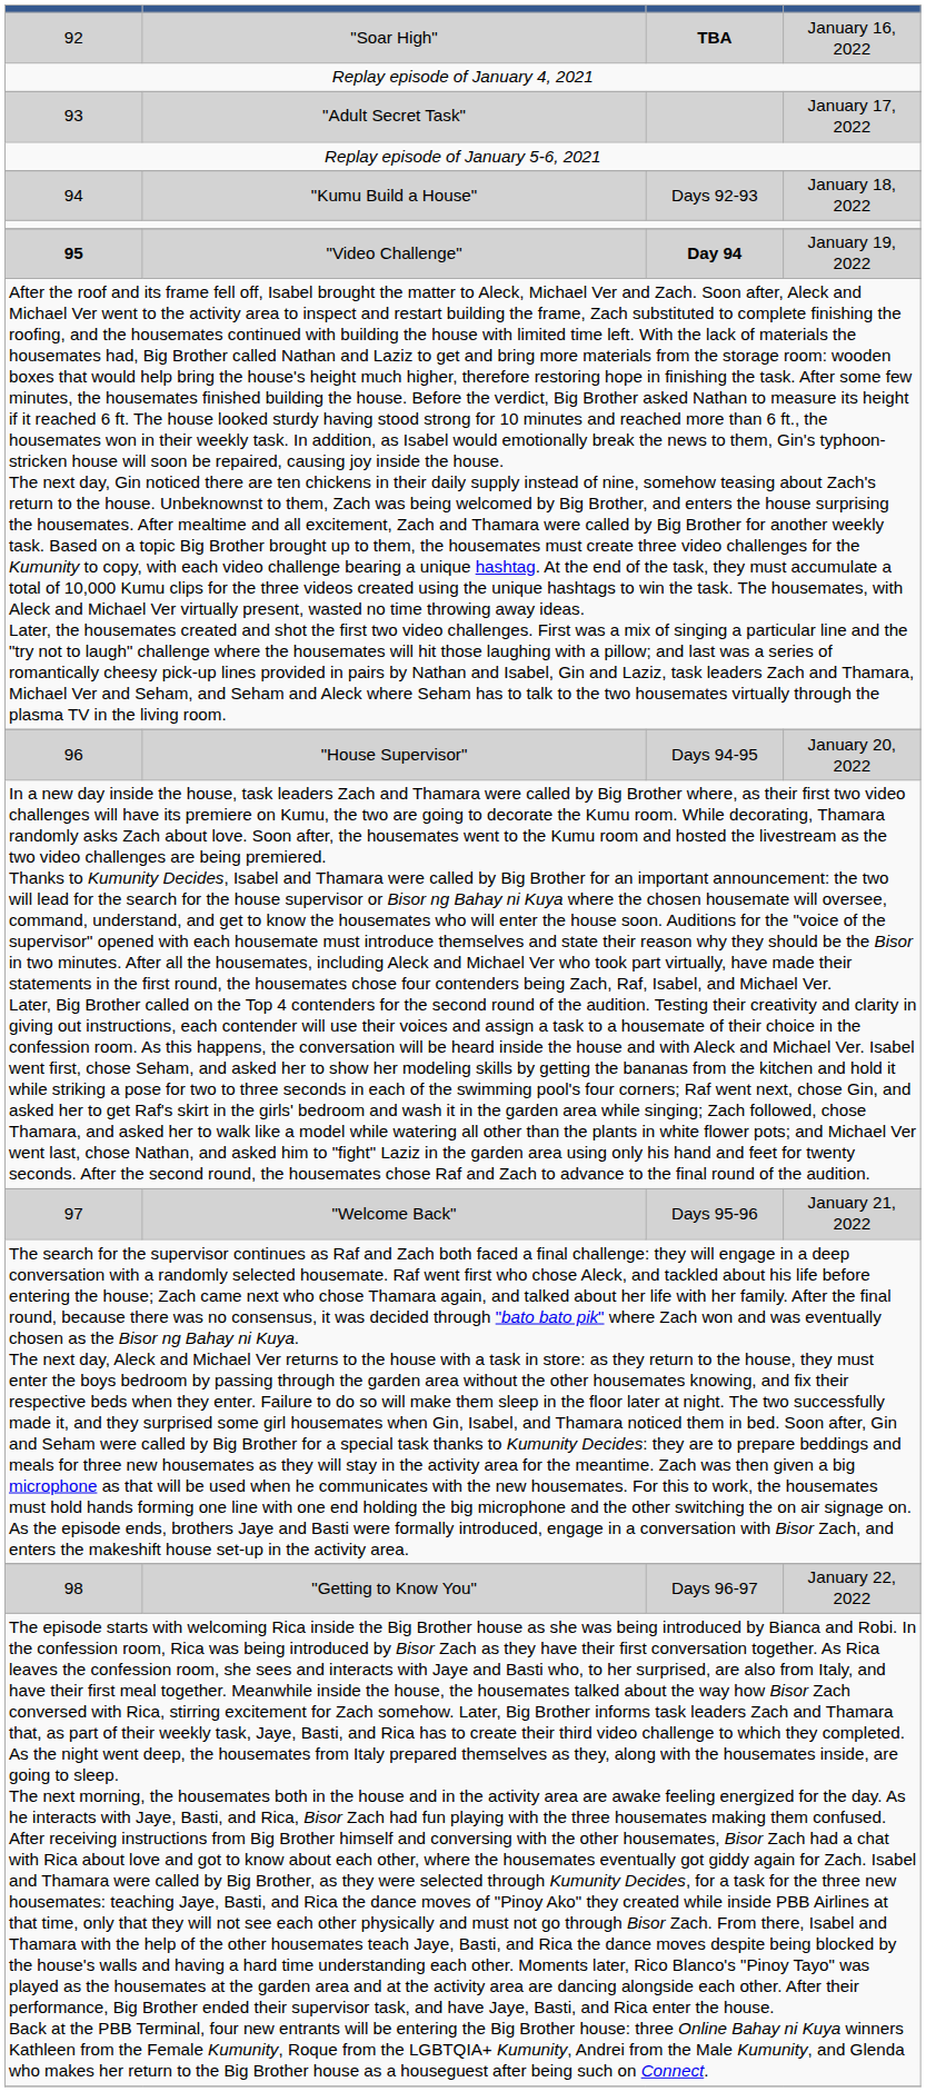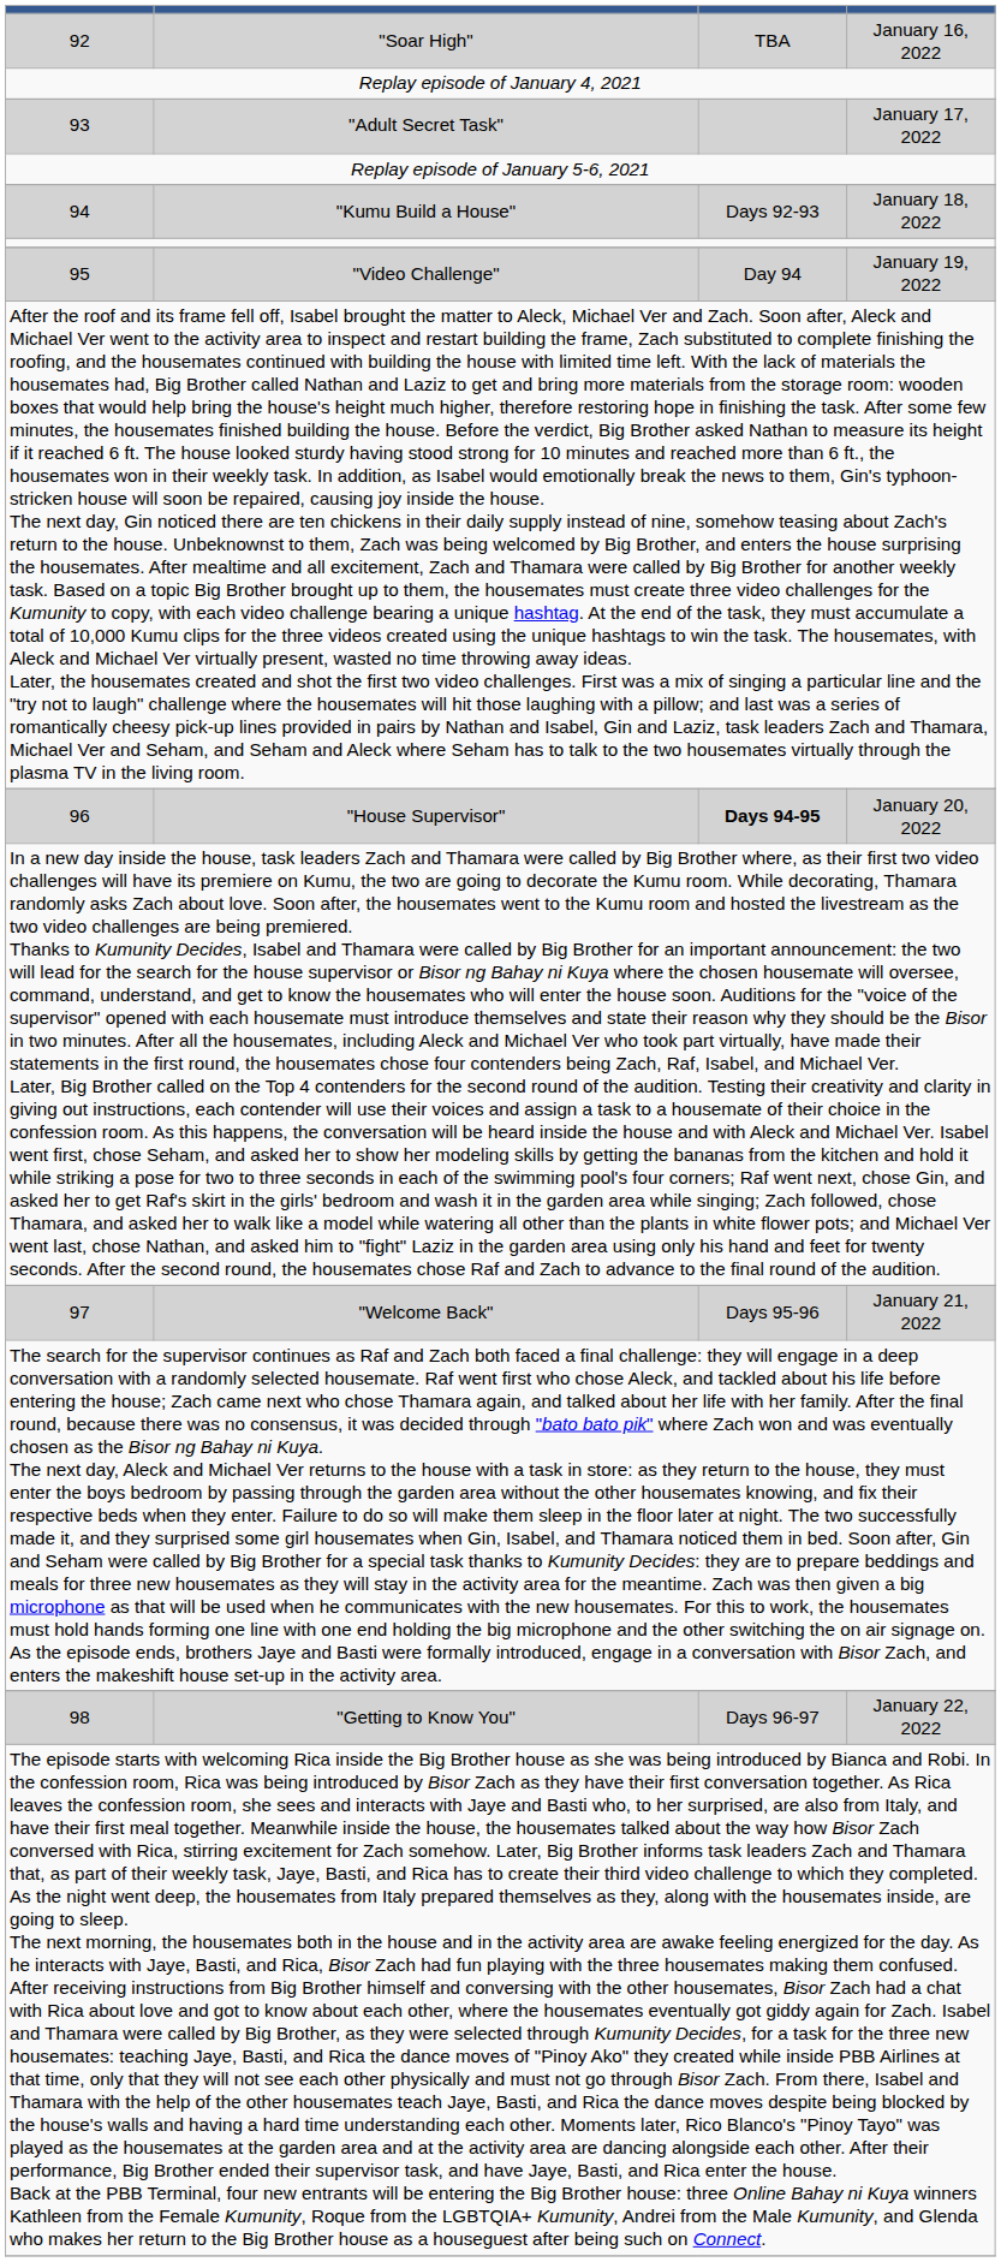 <table class="wikitable sortable" style="font-size:100%; line-height:20px; text-align:center">
 <tr>
 <th width="15%" style="background:#34588F"></th>
 <th width="55%" style="background:#34588F"></th>
 <th width="15%" style="background:#34588F"></th>
 <th width="15%" style="background:#34588F"></th>
 </tr>
 <tr style="background:lightgrey;">
 <td>92</td>
 <td>"Soar High"</td>
-<td><strong>TBA</strong></td>
+<td>TBA</td>
 <td>January 16, 2022</td>
 </tr>
 <tr>
 <td colspan="4" align="center"><em>Replay episode of January 4, 2021</em></td>
 </tr>
 <tr>
 </tr>
 <tr style="background:lightgrey;">
 <td>93</td>
 <td>"Adult Secret Task"</td>
 <td></td>
 <td>January 17, 2022</td>
 </tr>
 <tr>
 <td colspan="4" align="center"><em>Replay episode of January 5-6, 2021</em></td>
 </tr>
 <tr>
 </tr>
 <tr style="background:lightgrey;">
 <td>94</td>
 <td>"Kumu Build a House"</td>
 <td>Days 92-93</td>
 <td>January 18, 2022</td>
 </tr>
 <tr>
 <td colspan="4" align="left"></td>
 </tr>
 <tr>
 </tr>
 <tr style="background:lightgrey;">
-<td><strong>95</strong></td>
+<td>95</td>
 <td>"Video Challenge"</td>
-<td><strong>Day 94</strong></td>
+<td>Day 94</td>
 <td>January 19, 2022</td>
 </tr>
 <tr>
 <td colspan="4" align="left">After the roof and its frame fell off, Isabel brought the matter to Aleck, Michael Ver and Zach. Soon after, Aleck and Michael Ver went to the activity area to inspect and restart building the frame, Zach substituted to complete finishing the roofing, and the housemates continued with building the house with limited time left. With the lack of materials the housemates had, Big Brother called Nathan and Laziz to get and bring more materials from the storage room: wooden boxes that would help bring the house's height much higher, therefore restoring hope in finishing the task. After some few minutes, the housemates finished building the house. Before the verdict, Big Brother asked Nathan to measure its height if it reached 6 ft. The house looked sturdy having stood strong for 10 minutes and reached more than 6 ft., the housemates won in their weekly task. In addition, as Isabel would emotionally break the news to them, Gin's typhoon-stricken house will soon be repaired, causing joy inside the house.<br>The next day, Gin noticed there are ten chickens in their daily supply instead of nine, somehow teasing about Zach's return to the house. Unbeknownst to them, Zach was being welcomed by Big Brother, and enters the house surprising the housemates. After mealtime and all excitement, Zach and Thamara were called by Big Brother for another weekly task. Based on a topic Big Brother brought up to them, the housemates must create three video challenges for the <em>Kumunity</em> to copy, with each video challenge bearing a unique <a href='#'>hashtag</a>. At the end of the task, they must accumulate a total of 10,000 Kumu clips for the three videos created using the unique hashtags to win the task. The housemates, with Aleck and Michael Ver virtually present, wasted no time throwing away ideas.<br>Later, the housemates created and shot the first two video challenges. First was a mix of singing a particular line and the "try not to laugh" challenge where the housemates will hit those laughing with a pillow; and last was a series of romantically cheesy pick-up lines provided in pairs by Nathan and Isabel, Gin and Laziz, task leaders Zach and Thamara, Michael Ver and Seham, and Seham and Aleck where Seham has to talk to the two housemates virtually through the plasma TV in the living room.</td>
 </tr>
 <tr>
 </tr>
 <tr style="background:lightgrey;">
 <td>96</td>
 <td>"House Supervisor"</td>
-<td>Days 94-95</td>
+<td><strong>Days 94-95</strong></td>
 <td>January 20, 2022</td>
 </tr>
 <tr>
 <td colspan="4" align="left">In a new day inside the house, task leaders Zach and Thamara were called by Big Brother where, as their first two video challenges will have its premiere on Kumu, the two are going to decorate the Kumu room. While decorating, Thamara randomly asks Zach about love. Soon after, the housemates went to the Kumu room and hosted the livestream as the two video challenges are being premiered.<br>Thanks to <em>Kumunity Decides</em>, Isabel and Thamara were called by Big Brother for an important announcement: the two will lead for the search for the house supervisor or <em>Bisor ng Bahay ni Kuya</em> where the chosen housemate will oversee, command, understand, and get to know the housemates who will enter the house soon. Auditions for the "voice of the supervisor" opened with each housemate must introduce themselves and state their reason why they should be the <em>Bisor</em> in two minutes. After all the housemates, including Aleck and Michael Ver who took part virtually, have made their statements in the first round, the housemates chose four contenders being Zach, Raf, Isabel, and Michael Ver.<br>Later, Big Brother called on the Top 4 contenders for the second round of the audition. Testing their creativity and clarity in giving out instructions, each contender will use their voices and assign a task to a housemate of their choice in the confession room. As this happens, the conversation will be heard inside the house and with Aleck and Michael Ver. Isabel went first, chose Seham, and asked her to show her modeling skills by getting the bananas from the kitchen and hold it while striking a pose for two to three seconds in each of the swimming pool's four corners; Raf went next, chose Gin, and asked her to get Raf's skirt in the girls' bedroom and wash it in the garden area while singing; Zach followed, chose Thamara, and asked her to walk like a model while watering all other than the plants in white flower pots; and Michael Ver went last, chose Nathan, and asked him to "fight" Laziz in the garden area using only his hand and feet for twenty seconds. After the second round, the housemates chose Raf and Zach to advance to the final round of the audition.</td>
 </tr>
 <tr>
 </tr>
 <tr style="background:lightgrey;">
 <td>97</td>
 <td>"Welcome Back"</td>
 <td>Days 95-96</td>
 <td>January 21, 2022</td>
 </tr>
 <tr>
 <td colspan="4" align="left">The search for the supervisor continues as Raf and Zach both faced a final challenge: they will engage in a deep conversation with a randomly selected housemate. Raf went first who chose Aleck, and tackled about his life before entering the house; Zach came next who chose Thamara again, and talked about her life with her family. After the final round, because there was no consensus, it was decided through <a href='#'>"<em>bato bato pik</em>"</a> where Zach won and was eventually chosen as the <em>Bisor ng Bahay ni Kuya</em>.<br>The next day, Aleck and Michael Ver returns to the house with a task in store: as they return to the house, they must enter the boys bedroom by passing through the garden area without the other housemates knowing, and fix their respective beds when they enter. Failure to do so will make them sleep in the floor later at night. The two successfully made it, and they surprised some girl housemates when Gin, Isabel, and Thamara noticed them in bed. Soon after, Gin and Seham were called by Big Brother for a special task thanks to <em>Kumunity Decides</em>: they are to prepare beddings and meals for three new housemates as they will stay in the activity area for the meantime. Zach was then given a big <a href='#'>microphone</a> as that will be used when he communicates with the new housemates. For this to work, the housemates must hold hands forming one line with one end holding the big microphone and the other switching the on air signage on.<br>As the episode ends, brothers Jaye and Basti were formally introduced, engage in a conversation with <em>Bisor</em> Zach, and enters the makeshift house set-up in the activity area.</td>
 </tr>
 <tr>
 </tr>
 <tr style="background:lightgrey;">
 <td>98</td>
 <td>"Getting to Know You"</td>
 <td>Days 96-97</td>
 <td>January 22, 2022</td>
 </tr>
 <tr>
 <td colspan="4" align="left">The episode starts with welcoming Rica inside the Big Brother house as she was being introduced by Bianca and Robi. In the  confession room, Rica was being introduced by <em>Bisor</em> Zach as they have their first conversation together. As Rica leaves the confession room, she sees and interacts with Jaye and Basti who, to her surprised, are also from Italy, and have their first meal together. Meanwhile inside the house, the housemates talked about the way how <em>Bisor</em> Zach conversed with Rica, stirring excitement for Zach somehow. Later, Big Brother informs task leaders Zach and Thamara that, as part of their weekly task, Jaye, Basti, and Rica has to create their third video challenge to which they completed. As the night went deep, the housemates from Italy prepared themselves as they, along with the housemates inside, are going to sleep.<br>The next morning, the housemates both in the house and in the activity area are awake feeling energized for the day. As he interacts with Jaye, Basti, and Rica, <em>Bisor</em> Zach had fun playing with the three housemates making them confused. After receiving instructions from Big Brother himself and conversing with the other housemates, <em>Bisor</em> Zach had a chat with Rica about love and got to know about each other, where the housemates eventually got giddy again for Zach. Isabel and Thamara were called by Big Brother, as they were selected through <em>Kumunity Decides</em>, for a task for the three new housemates: teaching Jaye, Basti, and Rica the dance moves of "Pinoy Ako" they created while inside PBB Airlines at that time, only that they will not see each other physically and must not go through <em>Bisor</em> Zach. From there, Isabel and Thamara with the help of the other housemates teach Jaye, Basti, and Rica the dance moves despite being blocked by the house's walls and having a hard time understanding each other. Moments later, Rico Blanco's "Pinoy Tayo" was played as the housemates at the garden area and at the activity area are dancing alongside each other. After their performance, Big Brother ended their supervisor task, and have Jaye, Basti, and Rica enter the house.<br>Back at the PBB Terminal, four new entrants will be entering the Big Brother house: three <em>Online Bahay ni Kuya</em> winners Kathleen from the Female <em>Kumunity</em>, Roque from the LGBTQIA+ <em>Kumunity</em>, Andrei from the Male <em>Kumunity</em>, and Glenda who makes her return to the Big Brother house as a houseguest after being such on <em><a href='#'>Connect</a></em>.</td>
 </tr>
 <tr>
 </tr>
 </table>
